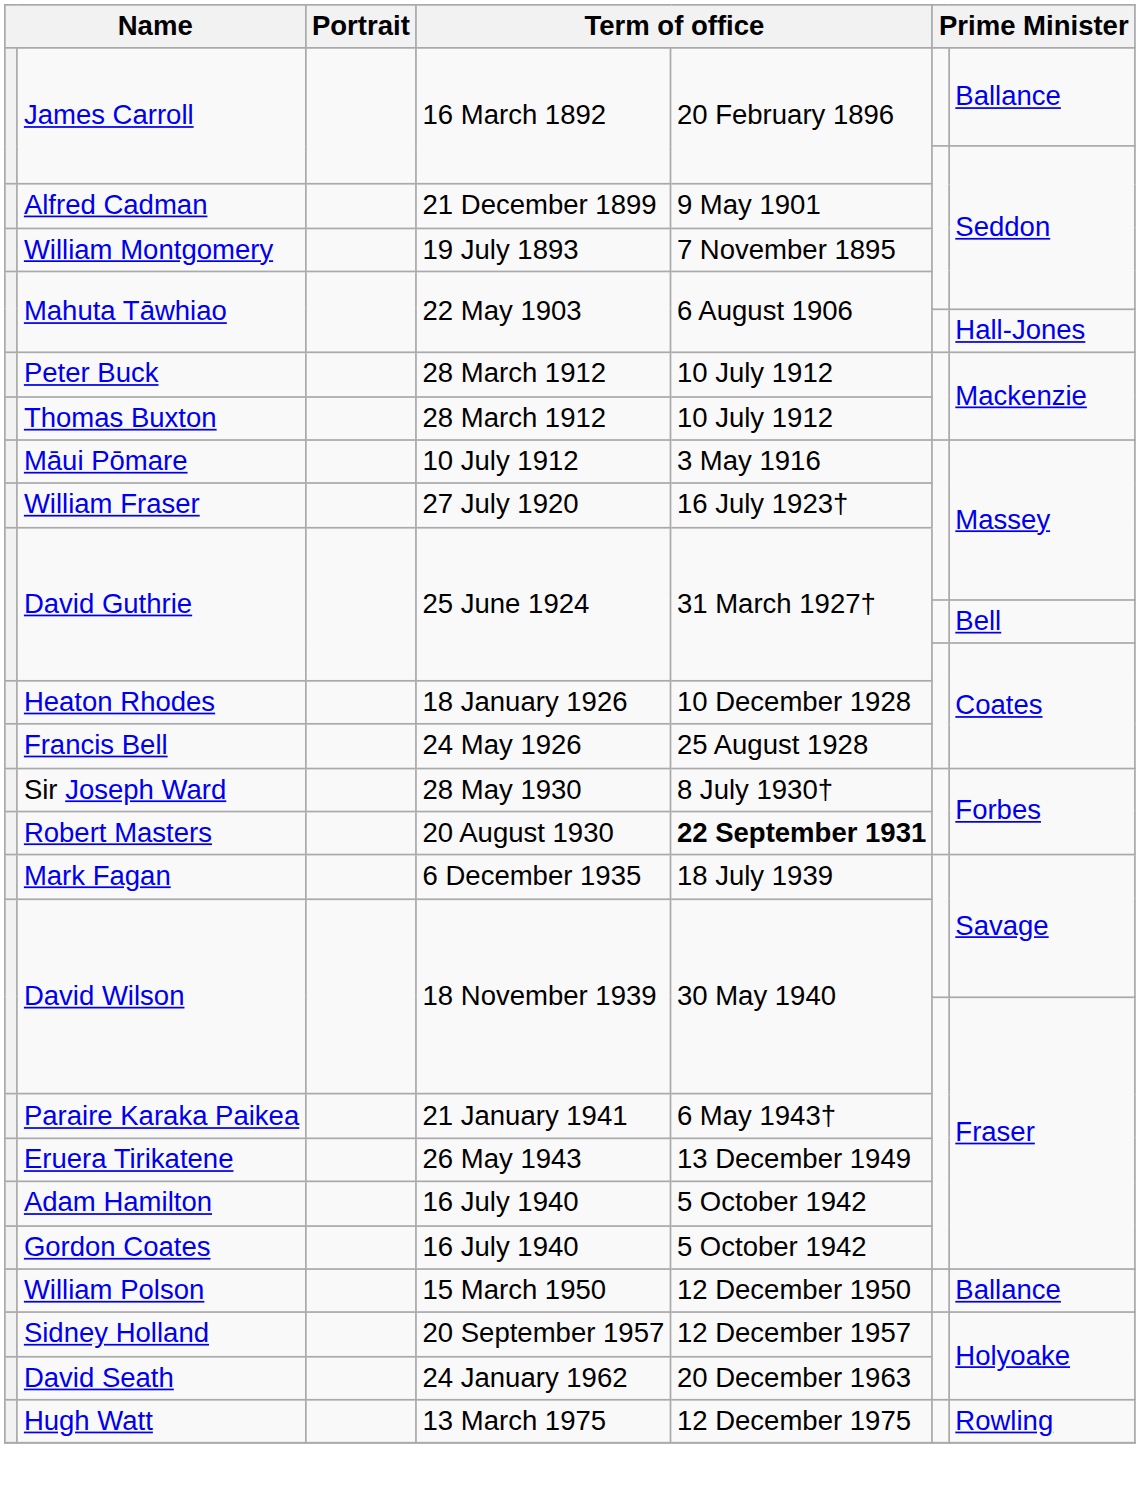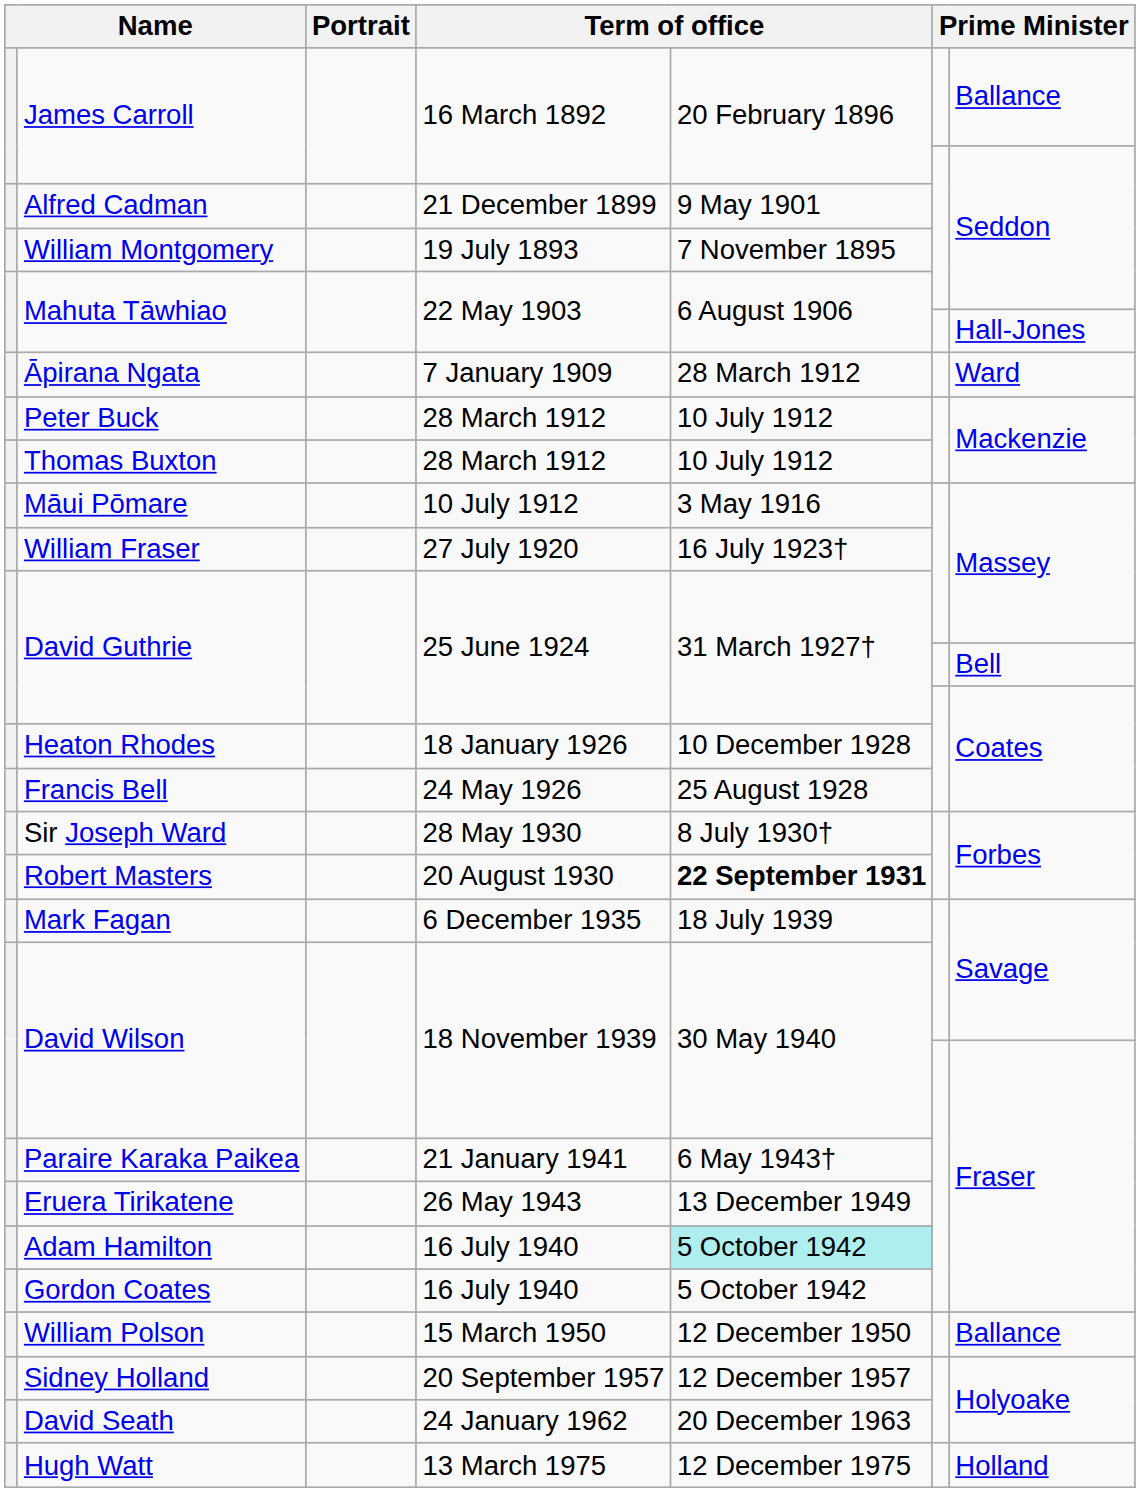 <table class="wikitable">
 <tr>
 <th colspan="2">Name</th>
 <th>Portrait</th>
 <th colspan="2">Term of office</th>
 <th colspan="2">Prime Minister</th>
 </tr>
 <tr>
 <th height=50 style="border-bottom:solid 0 grey; background:"></th>
 <td rowspan=2><a href='#'>James Carroll</a></td>
 <td rowspan=2></td>
 <td rowspan=2>16 March 1892</td>
 <td rowspan=2>20 February 1896</td>
 <td style="background:"></td>
 <td><a href='#'>Ballance</a></td>
 </tr>
 <tr>
 <th height=15 style="border-top:solid 0 grey; background:"></th>
 <td style="border-bottom:solid 0 grey; background:"></td>
 <td rowspan=4><a href='#'>Seddon</a></td>
 </tr>
 <tr>
 <th style="background:"></th>
 <td><a href='#'>Alfred Cadman</a></td>
 <td></td>
 <td>21 December 1899</td>
 <td>9 May 1901</td>
 <td rowspan=3 style="border-top:solid 0 grey; background:"></td>
 </tr>
 <tr>
 <th style="background:"></th>
 <td><a href='#'>William Montgomery</a></td>
 <td></td>
 <td>19 July 1893</td>
 <td>7 November 1895</td>
 </tr>
 <tr>
 <th height=15 style="border-bottom:solid 0 grey; background:"></th>
 <td rowspan=2><a href='#'>Mahuta Tāwhiao</a></td>
 <td rowspan=2></td>
 <td rowspan=2>22 May 1903</td>
 <td rowspan=2>6 August 1906</td>
 </tr>
 <tr>
 <th height=15 style="border-top:solid 0 grey; background:"></th>
 <td style="background:"></td>
 <td><a href='#'>Hall-Jones</a></td>
+</tr>
+<tr>
+<th style="background:"></th>
+<td><a href='#'>Āpirana Ngata</a></td>
+<td></td>
+<td>7 January 1909</td>
+<td>28 March 1912</td>
+<td style="background:"></td>
+<td><a href='#'>Ward</a></td>
 </tr>
 <tr>
 <th style="background:"></th>
 <td><a href='#'>Peter Buck</a></td>
 <td></td>
 <td>28 March 1912</td>
 <td>10 July 1912</td>
 <td rowspan=2 style="background:"></td>
 <td rowspan=2><a href='#'>Mackenzie</a></td>
 </tr>
 <tr>
 <th style="background:"></th>
 <td><a href='#'>Thomas Buxton</a></td>
 <td></td>
 <td>28 March 1912</td>
 <td>10 July 1912</td>
 </tr>
 <tr>
 <th style="background:"></th>
 <td><a href='#'>Māui Pōmare</a></td>
 <td></td>
 <td>10 July 1912</td>
 <td>3 May 1916</td>
 <td rowspan=2 style="border-bottom:solid 0 grey; background:"></td>
 <td rowspan=3><a href='#'>Massey</a></td>
 </tr>
 <tr>
 <th style="background:"></th>
 <td><a href='#'>William Fraser</a></td>
 <td></td>
 <td>27 July 1920</td>
 <td>16 July 1923†</td>
 </tr>
 <tr>
 <th rowspan=3 style="background:"></th>
 <td rowspan=3><a href='#'>David Guthrie</a></td>
 <td rowspan=3></td>
 <td rowspan=3>25 June 1924</td>
 <td rowspan=3>31 March 1927†</td>
 <td height=35 style="border-top:solid 0 grey; background:"></td>
 </tr>
 <tr>
 <td height=15 style="background:"></td>
 <td><a href='#'>Bell</a></td>
 </tr>
 <tr>
 <td height=15 style="border-bottom:solid 0 grey; background:"></td>
 <td rowspan=3><a href='#'>Coates</a></td>
 </tr>
 <tr>
 <th style="background:"></th>
 <td><a href='#'>Heaton Rhodes</a></td>
 <td></td>
 <td>18 January 1926</td>
 <td>10 December 1928</td>
 <td rowspan=2 style="border-top:solid 0 grey; background:"></td>
 </tr>
 <tr>
 <th style="background:"></th>
 <td><a href='#'>Francis Bell</a></td>
 <td></td>
 <td>24 May 1926</td>
 <td>25 August 1928</td>
 </tr>
 <tr>
 <th style="background:"></th>
 <td>Sir <a href='#'>Joseph Ward</a></td>
 <td></td>
 <td>28 May 1930</td>
 <td>8 July 1930†</td>
 <td rowspan=2 style="background:"></td>
 <td rowspan=2><a href='#'>Forbes</a></td>
 </tr>
 <tr>
 <th style="background:"></th>
 <td><a href='#'>Robert Masters</a></td>
 <td></td>
 <td>20 August 1930</td>
 <td><strong>22 September 1931</strong></td>
 </tr>
 <tr>
 <th style="background:"></th>
 <td><a href='#'>Mark Fagan</a></td>
 <td></td>
 <td>6 December 1935</td>
 <td>18 July 1939</td>
 <td rowspan=2 style="background:"></td>
 <td rowspan=2><a href='#'>Savage</a></td>
 </tr>
 <tr>
 <th height=50 style="border-bottom:solid 0 grey; background:"></th>
 <td rowspan=2><a href='#'>David Wilson</a></td>
 <td rowspan=2></td>
 <td rowspan=2>18 November 1939</td>
 <td rowspan=2>30 May 1940</td>
 </tr>
 <tr>
 <th height=50 style="border-top:solid 0 grey; background:"></th>
 <td rowspan=5 style="background:"></td>
 <td rowspan=5><a href='#'>Fraser</a></td>
 </tr>
 <tr>
 <th style="background:"></th>
 <td><a href='#'>Paraire Karaka Paikea</a></td>
 <td></td>
 <td>21 January 1941</td>
 <td>6 May 1943†</td>
 </tr>
 <tr>
 <th style="background:"></th>
 <td><a href='#'>Eruera Tirikatene</a></td>
 <td></td>
 <td>26 May 1943</td>
 <td>13 December 1949</td>
 </tr>
 <tr>
 <th style="background:"></th>
 <td><a href='#'>Adam Hamilton</a></td>
 <td></td>
 <td>16 July 1940</td>
-<td>5 October 1942</td>
+<td style="background: paleturquoise;">5 October 1942</td>
 </tr>
 <tr>
 <th style="background:"></th>
 <td><a href='#'>Gordon Coates</a></td>
 <td></td>
 <td>16 July 1940</td>
 <td>5 October 1942</td>
 </tr>
 <tr>
 <th style="background:"></th>
 <td><a href='#'>William Polson</a></td>
 <td></td>
 <td>15 March 1950</td>
 <td>12 December 1950</td>
 <td style="background:"></td>
 <td><a href='#'>Ballance</a></td>
 </tr>
 <tr>
 <th style="background:"></th>
 <td><a href='#'>Sidney Holland</a></td>
 <td></td>
 <td>20 September 1957</td>
 <td>12 December 1957</td>
 <td rowspan=2 style="background:"></td>
 <td rowspan=2><a href='#'>Holyoake</a></td>
 </tr>
 <tr>
 <th style="background:"></th>
 <td><a href='#'>David Seath</a></td>
 <td></td>
 <td>24 January 1962</td>
 <td>20 December 1963</td>
 </tr>
 <tr>
 <th style="background:"></th>
 <td><a href='#'>Hugh Watt</a></td>
 <td></td>
 <td>13 March 1975</td>
 <td>12 December 1975</td>
 <td style="background:"></td>
-<td><a href='#'>Rowling</a></td>
+<td><a href='#'>Holland</a></td>
 </tr>
 <tr>
 </tr>
 </table>
